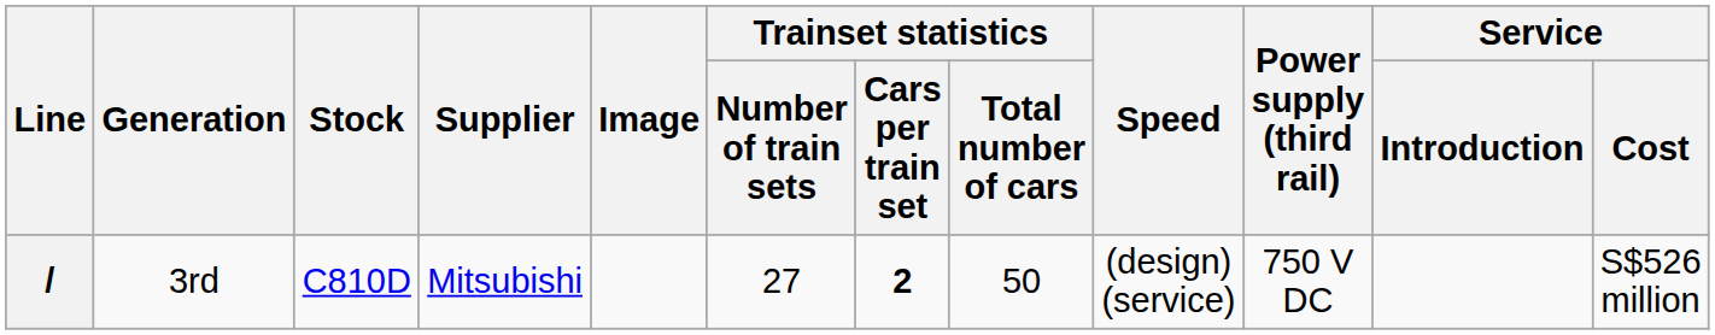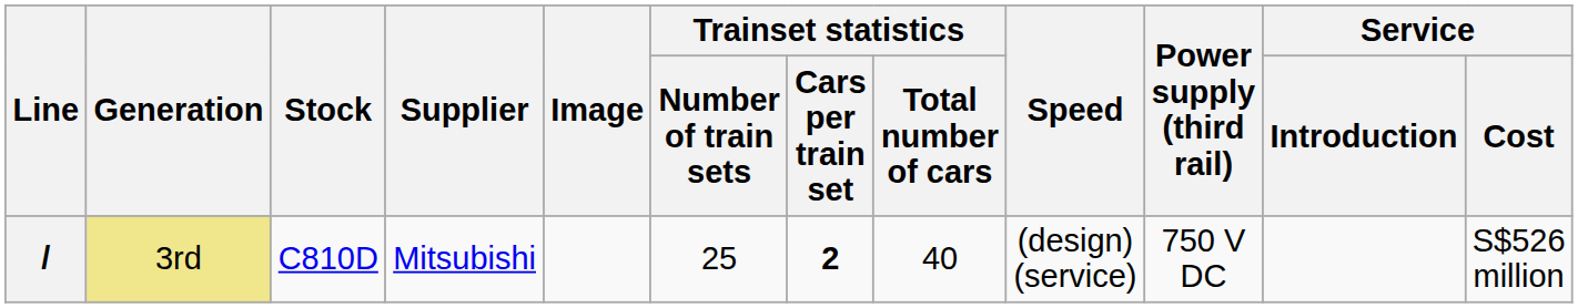 <table class="wikitable" style="margin: 0 auto; text-align:center">
 <tr>
 <th rowspan="2" style="width:5em">Line</th>
 <th rowspan="2">Generation</th>
 <th rowspan="2">Stock</th>
 <th rowspan="2">Supplier</th>
 <th rowspan="2">Image</th>
 <th colspan="3">Trainset statistics</th>
 <th rowspan="2" style="width:4em">Speed</th>
 <th rowspan="2">Power supply (third rail)</th>
 <th colspan="2">Service</th>
 </tr>
 <tr>
 <th style="width:4em">Number of train sets</th>
 <th style="width:3em">Cars per train set</th>
 <th style="width:4em">Total number of cars</th>
 <th>Introduction</th>
 <th>Cost</th>
 </tr>
 <tr>
 <th style="background-color:#"><a href='#'></a> / <a href='#'></a></th>
-<td>3rd</td>
+<td style="background: khaki;">3rd</td>
 <td><a href='#'>C810D</a></td>
 <td><a href='#'>Mitsubishi</a></td>
 <td></td>
-<td>27</td>
+<td>25</td>
 <td><strong>2</strong></td>
-<td>50</td>
+<td>40</td>
 <td> (design)<br> (service)</td>
 <td>750 V DC</td>
 <td></td>
 <td>S$526 million</td>
 </tr>
 </table>
